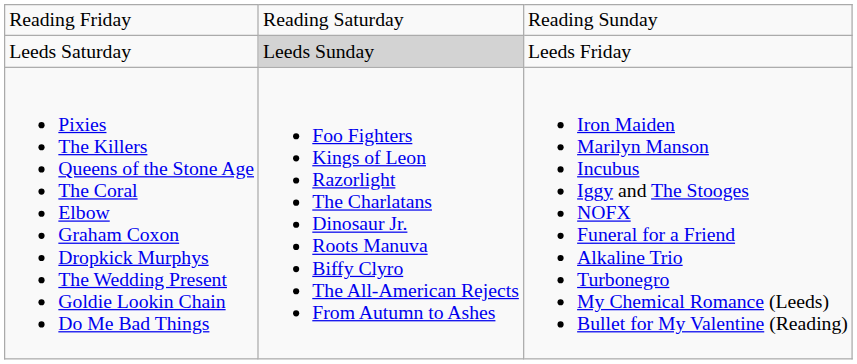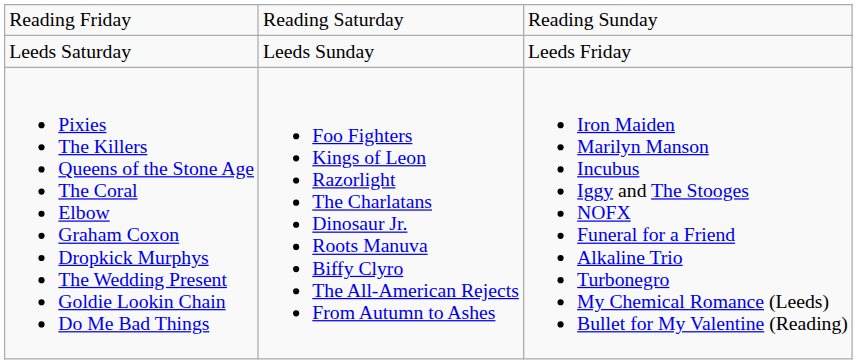 <table class="wikitable">
 <tr>
 <td>Reading Friday</td>
 <td>Reading Saturday</td>
 <td>Reading Sunday</td>
 </tr>
 <tr>
 <td>Leeds Saturday</td>
-<td style="background: lightgrey;">Leeds Sunday</td>
+<td>Leeds Sunday</td>
 <td>Leeds Friday</td>
 </tr>
 <tr>
 <td><br><ul><li><a href='#'>Pixies</a></li><li><a href='#'>The Killers</a></li><li><a href='#'>Queens of the Stone Age</a></li><li><a href='#'>The Coral</a></li><li><a href='#'>Elbow</a></li><li><a href='#'>Graham Coxon</a></li><li><a href='#'>Dropkick Murphys</a></li><li><a href='#'>The Wedding Present</a></li><li><a href='#'>Goldie Lookin Chain</a></li><li><a href='#'>Do Me Bad Things</a></li></ul></td>
 <td><br><ul><li><a href='#'>Foo Fighters</a></li><li><a href='#'>Kings of Leon</a></li><li><a href='#'>Razorlight</a></li><li><a href='#'>The Charlatans</a></li><li><a href='#'>Dinosaur Jr.</a></li><li><a href='#'>Roots Manuva</a></li><li><a href='#'>Biffy Clyro</a></li><li><a href='#'>The All-American Rejects</a></li><li><a href='#'>From Autumn to Ashes</a></li></ul></td>
 <td><br><ul><li><a href='#'>Iron Maiden</a></li><li><a href='#'>Marilyn Manson</a></li><li><a href='#'>Incubus</a></li><li><a href='#'>Iggy</a> and <a href='#'>The Stooges</a></li><li><a href='#'>NOFX</a></li><li><a href='#'>Funeral for a Friend</a></li><li><a href='#'>Alkaline Trio</a></li><li><a href='#'>Turbonegro</a></li><li><a href='#'>My Chemical Romance</a> (Leeds)</li><li><a href='#'>Bullet for My Valentine</a> (Reading)</li></ul></td>
 </tr>
 </table>
